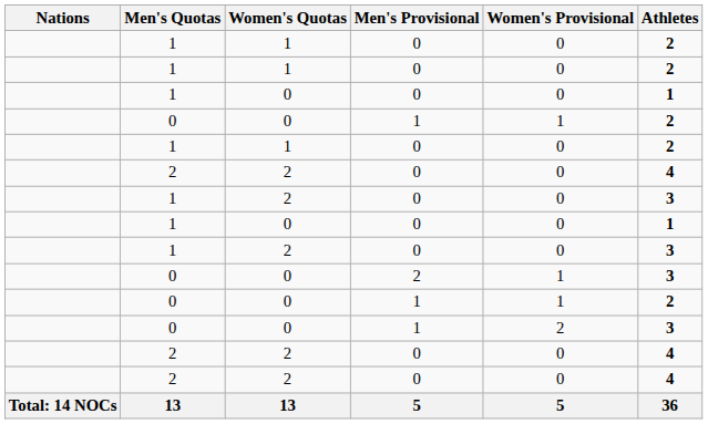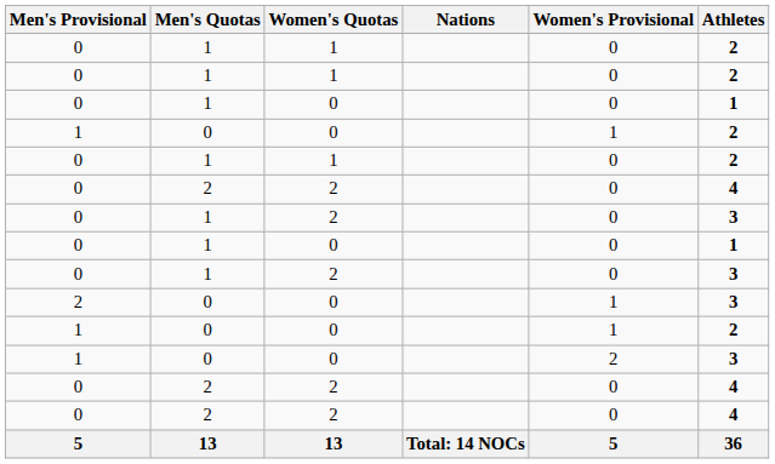 <table class="wikitable sortable" style="text-align:center;">
 <tr>
-<th>Nations</th>
+<th>Men's Provisional</th>
 <th>Men's Quotas</th>
 <th>Women's Quotas</th>
-<th>Men's Provisional</th>
+<th>Nations</th>
 <th>Women's Provisional</th>
 <th>Athletes</th>
 </tr>
 <tr>
-<td align="left"></td>
+<td>0</td>
 <td>1</td>
 <td>1</td>
-<td>0</td>
+<td align="left"></td>
 <td>0</td>
 <td><strong>2</strong></td>
 </tr>
 <tr>
-<td align="left"></td>
+<td>0</td>
 <td>1</td>
 <td>1</td>
-<td>0</td>
+<td align="left"></td>
 <td>0</td>
 <td><strong>2</strong></td>
 </tr>
 <tr>
-<td align="left"></td>
+<td>0</td>
 <td>1</td>
 <td>0</td>
-<td>0</td>
+<td align="left"></td>
 <td>0</td>
 <td><strong>1</strong></td>
 </tr>
 <tr>
-<td align="left"></td>
+<td>1</td>
 <td>0</td>
 <td>0</td>
-<td>1</td>
+<td align="left"></td>
 <td>1</td>
 <td><strong>2</strong></td>
 </tr>
 <tr>
-<td align="left"></td>
+<td>0</td>
 <td>1</td>
 <td>1</td>
-<td>0</td>
+<td align="left"></td>
 <td>0</td>
 <td><strong>2</strong></td>
 </tr>
 <tr>
-<td align="left"></td>
+<td>0</td>
 <td>2</td>
 <td>2</td>
-<td>0</td>
+<td align="left"></td>
 <td>0</td>
 <td><strong>4</strong></td>
 </tr>
 <tr>
-<td align="left"></td>
+<td>0</td>
 <td>1</td>
 <td>2</td>
-<td>0</td>
+<td align="left"></td>
 <td>0</td>
 <td><strong>3</strong></td>
 </tr>
 <tr>
-<td align="left"></td>
+<td>0</td>
 <td>1</td>
 <td>0</td>
-<td>0</td>
+<td align="left"></td>
 <td>0</td>
 <td><strong>1</strong></td>
 </tr>
 <tr>
-<td align="left"></td>
+<td>0</td>
 <td>1</td>
 <td>2</td>
-<td>0</td>
+<td align="left"></td>
 <td>0</td>
 <td><strong>3</strong></td>
 </tr>
 <tr>
-<td align="left"></td>
+<td>2</td>
 <td>0</td>
 <td>0</td>
-<td>2</td>
+<td align="left"></td>
 <td>1</td>
 <td><strong>3</strong></td>
 </tr>
 <tr>
-<td align="left"></td>
+<td>1</td>
 <td>0</td>
 <td>0</td>
-<td>1</td>
+<td align="left"></td>
 <td>1</td>
 <td><strong>2</strong></td>
 </tr>
 <tr>
-<td align="left"></td>
+<td>1</td>
 <td>0</td>
 <td>0</td>
-<td>1</td>
+<td align="left"></td>
 <td>2</td>
 <td><strong>3</strong></td>
 </tr>
 <tr>
-<td align="left"></td>
+<td>0</td>
 <td>2</td>
 <td>2</td>
-<td>0</td>
+<td align="left"></td>
 <td>0</td>
 <td><strong>4</strong></td>
 </tr>
 <tr>
-<td align="left"></td>
+<td>0</td>
 <td>2</td>
 <td>2</td>
-<td>0</td>
+<td align="left"></td>
 <td>0</td>
 <td><strong>4</strong></td>
 </tr>
 <tr>
-<th>Total: 14 NOCs</th>
+<th>5</th>
 <th>13</th>
 <th>13</th>
-<th>5</th>
+<th>Total: 14 NOCs</th>
 <th>5</th>
 <th>36</th>
 </tr>
 </table>
